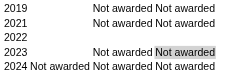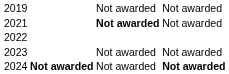 <table>
 <tr>
 <td align="center">2019</td>
 <td></td>
 <td>Not awarded</td>
 <td>Not awarded</td>
 </tr>
 <tr>
 <td align="center">2021</td>
 <td></td>
-<td>Not awarded</td>
+<td><strong>Not awarded</strong></td>
 <td>Not awarded</td>
 </tr>
 <tr>
 <td align="center">2022</td>
 <td></td>
 <td></td>
 <td></td>
 </tr>
 <tr>
 <td align="center">2023</td>
 <td></td>
 <td>Not awarded</td>
-<td style="background: lightgrey;">Not awarded</td>
+<td>Not awarded</td>
 </tr>
 <tr>
 <td align="center">2024</td>
+<td><strong>Not awarded</strong></td>
 <td>Not awarded</td>
-<td>Not awarded</td>
-<td>Not awarded</td>
+<td><strong>Not awarded</strong></td>
 </tr>
 </table>
